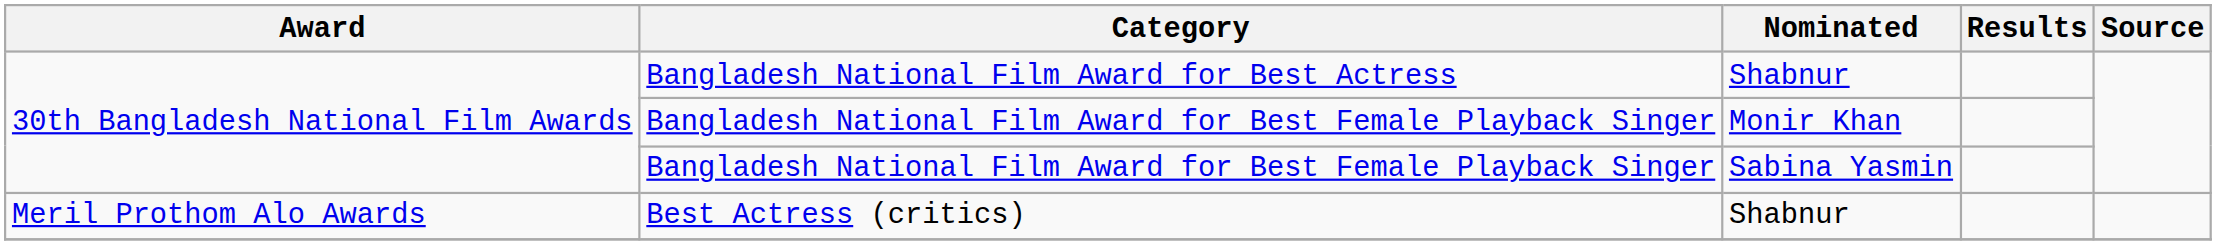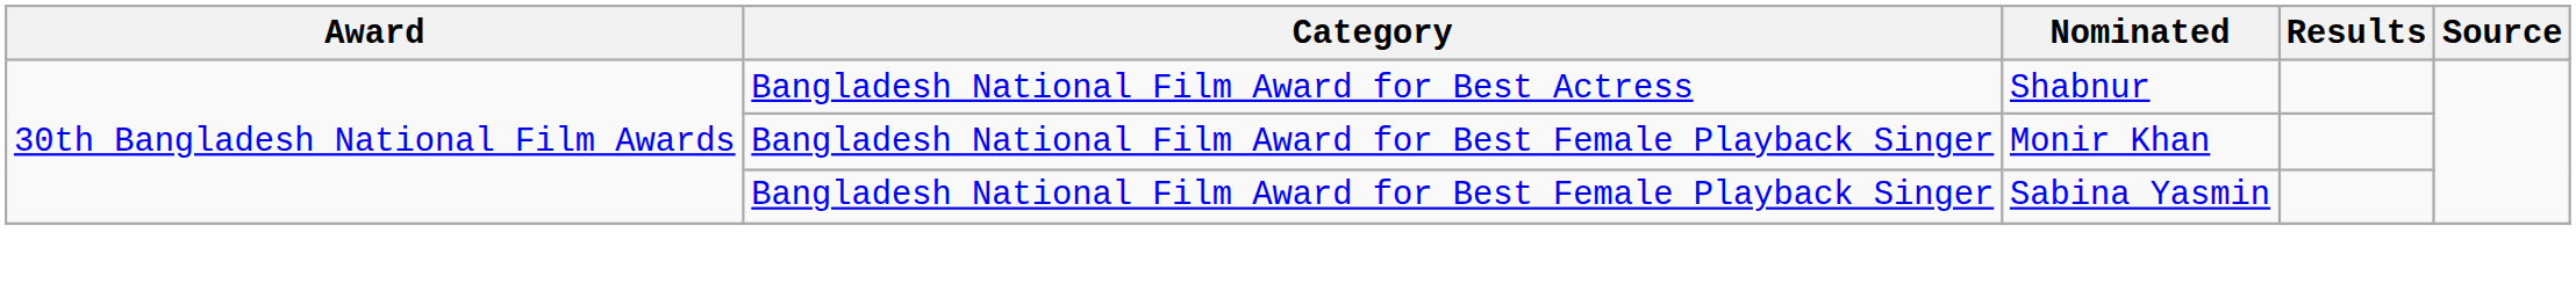 <table class = "wikitable">
 <tr>
 <th style = "background: # EEDD82;">Award</th>
 <th style = "background: # EEDD82;">Category</th>
 <th style = "background: # EEDD82;">Nominated</th>
 <th style = "background: # EEDD82;">Results</th>
 <th style = "background: # EEDD82;">Source</th>
 </tr>
 <tr>
 <td rowspan = 3><a href='#'>30th Bangladesh National Film Awards</a></td>
 <td><a href='#'>Bangladesh National Film Award for Best Actress</a></td>
 <td><a href='#'>Shabnur</a></td>
 <td></td>
 <td rowspan=3></td>
 </tr>
 <tr>
 <td><a href='#'>Bangladesh National Film Award for Best Female Playback Singer</a></td>
 <td><a href='#'>Monir Khan</a></td>
 <td></td>
 </tr>
 <tr>
 <td><a href='#'>Bangladesh National Film Award for Best Female Playback Singer</a></td>
 <td><a href='#'>Sabina Yasmin</a></td>
 <td></td>
 </tr>
 <tr>
-<td><a href='#'>Meril Prothom Alo Awards</a></td>
-<td><a href='#'>Best Actress</a> (critics)</td>
-<td>Shabnur</td>
-<td></td>
-<td></td>
-</tr>
-<tr>
 </tr>
 </table>
